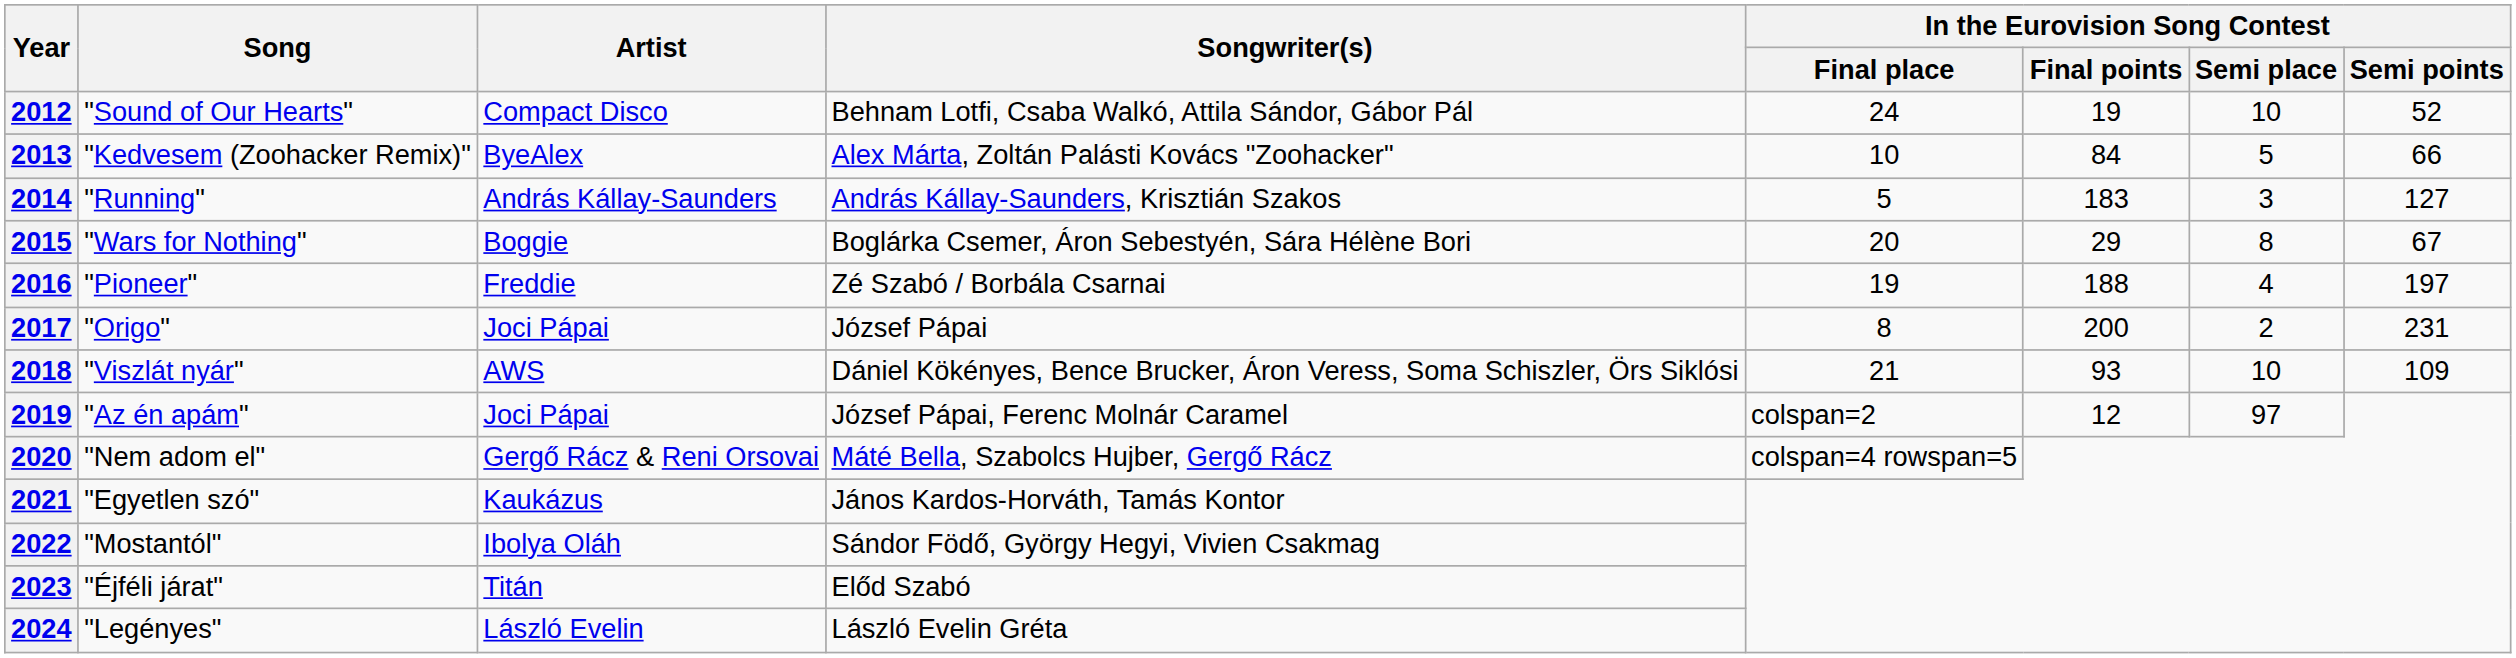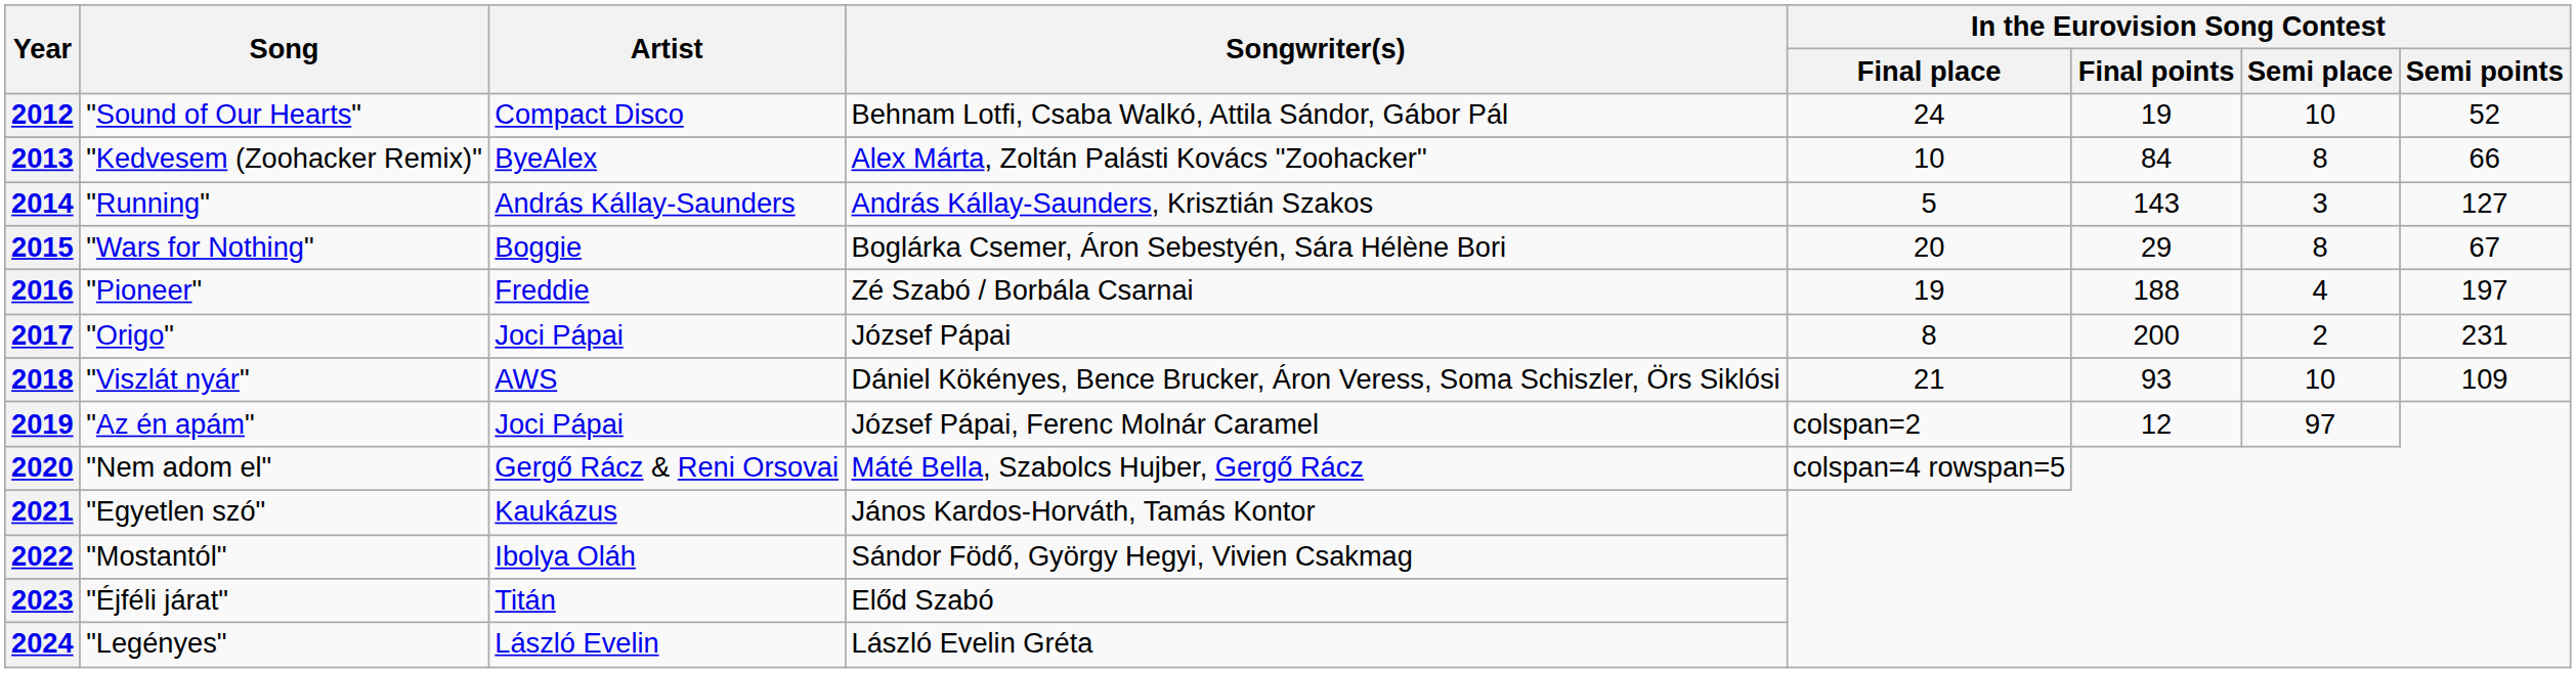 <table class="wikitable sortable" align="center" style="margin: 0 1em 0 0; border: 1px #aaa solid; border-collapse: collapse;">
 <tr>
 <th rowspan="2">Year</th>
 <th rowspan="2">Song</th>
 <th rowspan="2">Artist</th>
 <th rowspan="2" class=unsortable>Songwriter(s)</th>
 <th colspan="4">In the Eurovision Song Contest</th>
 </tr>
 <tr>
 <th>Final place</th>
 <th>Final points</th>
 <th>Semi place</th>
 <th>Semi points</th>
 </tr>
 <tr>
 <th><a href='#'>2012</a></th>
 <td>"<a href='#'>Sound of Our Hearts</a>"</td>
 <td><a href='#'>Compact Disco</a></td>
 <td>Behnam Lotfi, Csaba Walkó, Attila Sándor, Gábor Pál</td>
 <td align=center>24</td>
 <td align=center>19</td>
 <td align=center>10</td>
 <td align=center>52</td>
 </tr>
 <tr>
 <th><a href='#'>2013</a></th>
 <td>"<a href='#'>Kedvesem</a> (Zoohacker Remix)"</td>
 <td><a href='#'>ByeAlex</a></td>
 <td><a href='#'>Alex Márta</a>, Zoltán Palásti Kovács "Zoohacker"</td>
 <td align=center>10</td>
 <td align=center>84</td>
-<td align=center>5</td>
+<td align=center>8</td>
 <td align=center>66</td>
 </tr>
 <tr>
 <th><a href='#'>2014</a></th>
 <td>"<a href='#'>Running</a>"</td>
 <td><a href='#'>András Kállay-Saunders</a></td>
 <td><a href='#'>András Kállay-Saunders</a>, Krisztián Szakos</td>
 <td align=center>5</td>
-<td align=center>183</td>
+<td align=center>143</td>
 <td align=center>3</td>
 <td align=center>127</td>
 </tr>
 <tr>
 <th><a href='#'>2015</a></th>
 <td>"<a href='#'>Wars for Nothing</a>"</td>
 <td><a href='#'>Boggie</a></td>
 <td>Boglárka Csemer, Áron Sebestyén, Sára Hélène Bori</td>
 <td align=center>20</td>
 <td align=center>29</td>
 <td align=center>8</td>
 <td align=center>67</td>
 </tr>
 <tr>
 <th><a href='#'>2016</a></th>
 <td>"<a href='#'>Pioneer</a>"</td>
 <td><a href='#'>Freddie</a></td>
 <td>Zé Szabó /  Borbála Csarnai</td>
 <td align=center>19</td>
 <td align=center>188</td>
 <td align=center>4</td>
 <td align=center>197</td>
 </tr>
 <tr>
 <th><a href='#'>2017</a></th>
 <td>"<a href='#'>Origo</a>"</td>
 <td><a href='#'>Joci Pápai</a></td>
 <td>József Pápai</td>
 <td align=center>8</td>
 <td align=center>200</td>
 <td align=center>2</td>
 <td align=center>231</td>
 </tr>
 <tr>
 <th><a href='#'>2018</a></th>
 <td>"<a href='#'>Viszlát nyár</a>"</td>
 <td><a href='#'>AWS</a></td>
 <td>Dániel Kökényes, Bence Brucker, Áron Veress, Soma Schiszler, Örs Siklósi</td>
 <td align=center>21</td>
 <td align=center>93</td>
 <td align=center>10</td>
 <td align=center>109</td>
 </tr>
 <tr>
 <th><a href='#'>2019</a></th>
 <td>"<a href='#'>Az én apám</a>"</td>
 <td><a href='#'>Joci Pápai</a></td>
 <td>József Pápai, Ferenc Molnár Caramel</td>
 <td>colspan=2 </td>
 <td align=center>12</td>
 <td align=center>97</td>
 </tr>
 <tr>
 <th><a href='#'>2020</a></th>
 <td>"Nem adom el"</td>
 <td><a href='#'>Gergő Rácz</a> & <a href='#'>Reni Orsovai</a></td>
 <td><a href='#'>Máté Bella</a>, Szabolcs Hujber, <a href='#'>Gergő Rácz</a></td>
 <td>colspan=4 rowspan=5 </td>
 </tr>
 <tr>
 <th><a href='#'>2021</a></th>
 <td>"Egyetlen szó"</td>
 <td><a href='#'>Kaukázus</a></td>
 <td>János Kardos-Horváth, Tamás Kontor</td>
 </tr>
 <tr>
 <th><a href='#'>2022</a></th>
 <td>"Mostantól"</td>
 <td><a href='#'>Ibolya Oláh</a></td>
 <td>Sándor Födő, György Hegyi, Vivien Csakmag</td>
 </tr>
 <tr>
 <th><a href='#'>2023</a></th>
 <td>"Éjféli járat"</td>
 <td><a href='#'>Titán</a></td>
 <td>Előd Szabó</td>
 </tr>
 <tr>
 <th><a href='#'>2024</a></th>
 <td>"Legényes"</td>
 <td><a href='#'>László Evelin</a></td>
 <td>László Evelin Gréta</td>
 </tr>
 </table>
